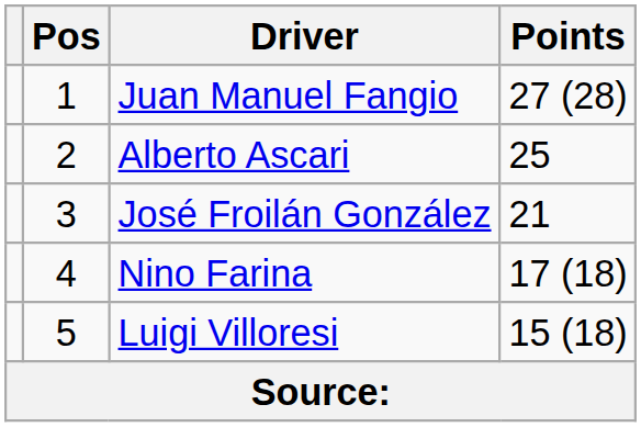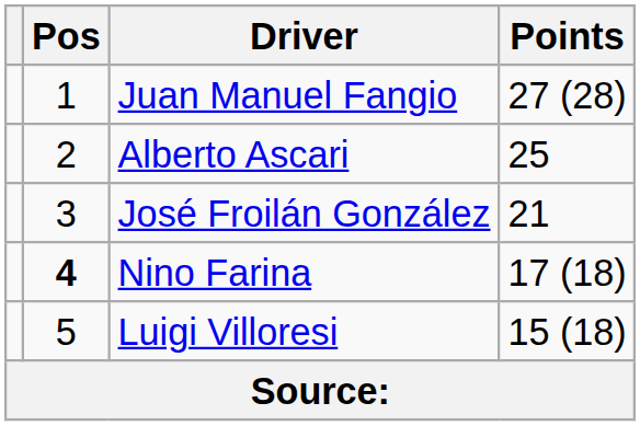 <table class="wikitable" style="font-size: 95%;">
 <tr>
 <th></th>
 <th>Pos</th>
 <th>Driver</th>
 <th>Points</th>
 </tr>
 <tr>
 <td align="left"></td>
 <td align="center">1</td>
 <td> <a href='#'>Juan Manuel Fangio</a></td>
 <td align="left">27 (28)</td>
 </tr>
 <tr>
 <td align="left"></td>
 <td align="center">2</td>
 <td> <a href='#'>Alberto Ascari</a></td>
 <td align="left">25</td>
 </tr>
 <tr>
 <td align="left"></td>
 <td align="center">3</td>
 <td> <a href='#'>José Froilán González</a></td>
 <td align="left">21</td>
 </tr>
 <tr>
 <td align="left"></td>
-<td align="center">4</td>
+<td align="center"><strong>4</strong></td>
 <td> <a href='#'>Nino Farina</a></td>
 <td align="left">17 (18)</td>
 </tr>
 <tr>
 <td align="left"></td>
 <td align="center">5</td>
 <td> <a href='#'>Luigi Villoresi</a></td>
 <td align="left">15 (18)</td>
 </tr>
 <tr>
 <th colspan=4>Source:</th>
 </tr>
 </table>
